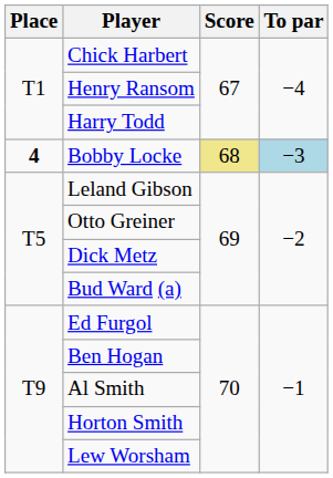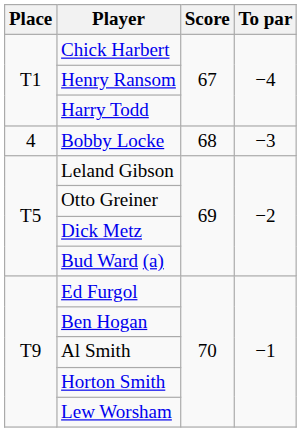 <table class=wikitable>
 <tr>
 <th>Place</th>
 <th>Player</th>
 <th>Score</th>
 <th>To par</th>
 </tr>
 <tr>
 <td rowspan=3 align=center>T1</td>
 <td> <a href='#'>Chick Harbert</a></td>
 <td rowspan=3 align=center>67</td>
 <td rowspan=3 align=center>−4</td>
 </tr>
 <tr>
 <td> <a href='#'>Henry Ransom</a></td>
 </tr>
 <tr>
 <td> <a href='#'>Harry Todd</a></td>
 </tr>
 <tr>
-<td align=center><strong>4</strong></td>
+<td align=center>4</td>
 <td> <a href='#'>Bobby Locke</a></td>
-<td align=center style="background: khaki;">68</td>
-<td align=center style="background: lightblue;">−3</td>
+<td align=center>68</td>
+<td align=center>−3</td>
 </tr>
 <tr>
 <td rowspan=4 align=center>T5</td>
 <td> Leland Gibson</td>
 <td rowspan=4 align=center>69</td>
 <td rowspan=4 align=center>−2</td>
 </tr>
 <tr>
 <td> Otto Greiner</td>
 </tr>
 <tr>
 <td> <a href='#'>Dick Metz</a></td>
 </tr>
 <tr>
 <td> <a href='#'>Bud Ward</a> <a href='#'>(a)</a></td>
 </tr>
 <tr>
 <td rowspan=5 align=center>T9</td>
 <td> <a href='#'>Ed Furgol</a></td>
 <td rowspan=5 align=center>70</td>
 <td rowspan=5 align=center>−1</td>
 </tr>
 <tr>
 <td> <a href='#'>Ben Hogan</a></td>
 </tr>
 <tr>
 <td> Al Smith</td>
 </tr>
 <tr>
 <td> <a href='#'>Horton Smith</a></td>
 </tr>
 <tr>
 <td> <a href='#'>Lew Worsham</a></td>
 </tr>
 </table>
